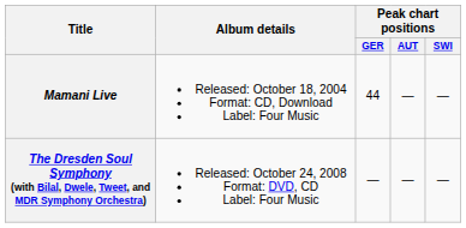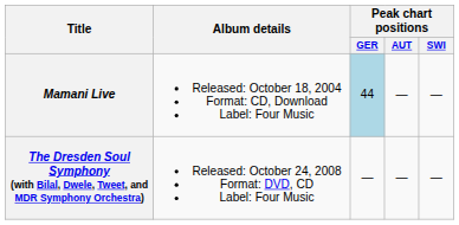 <table class="wikitable plainrowheaders" style="text-align:center;">
 <tr>
 <th scope="col" rowspan="2" style="width:12em;">Title</th>
 <th scope="col" rowspan="2" style="width:16em;">Album details</th>
 <th scope="col" colspan="12">Peak chart positions</th>
 </tr>
 <tr style="font-size:smaller;">
 <th style="width:40px;"><a href='#'>GER</a><br></th>
 <th style="width:40px;"><a href='#'>AUT</a><br></th>
 <th style="width:40px;"><a href='#'>SWI</a><br></th>
 </tr>
 <tr>
 <th scope="row"><em>Mamani Live</em></th>
 <td><br><ul><li>Released: October 18, 2004</li><li>Format: CD, Download</li><li>Label: Four Music</li></ul></td>
-<td style="text-align:center;">44</td>
+<td style="background: lightblue; text-align:center;">44</td>
 <td style="text-align:center;">—</td>
 <td style="text-align:center;">—</td>
 </tr>
 <tr>
 <th scope="row"><em><a href='#'>The Dresden Soul Symphony</a></em> <br><small>(with <a href='#'>Bilal</a>, <a href='#'>Dwele</a>, <a href='#'>Tweet</a>, and <a href='#'>MDR Symphony Orchestra</a>)</small></th>
 <td><br><ul><li>Released: October 24, 2008</li><li>Format: <a href='#'>DVD</a>, CD</li><li>Label: Four Music</li></ul></td>
 <td style="text-align:center;">—</td>
 <td style="text-align:center;">—</td>
 <td style="text-align:center;">—</td>
 </tr>
 </table>
